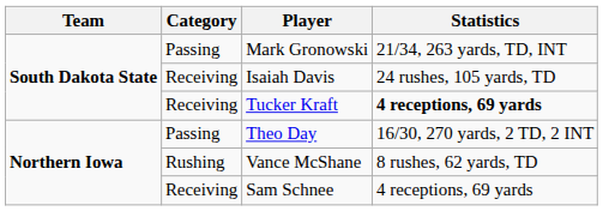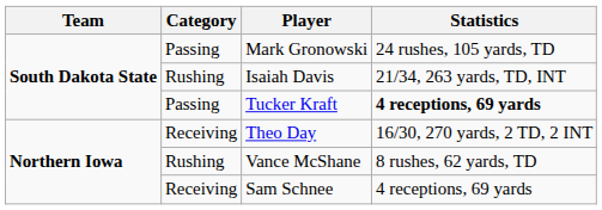 <table class="wikitable" style="float: left;">
 <tr>
 <th>Team</th>
 <th>Category</th>
 <th>Player</th>
 <th>Statistics</th>
 </tr>
 <tr>
 <td rowspan=3><strong>South Dakota State</strong></td>
 <td>Passing</td>
 <td>Mark Gronowski</td>
+<td>24 rushes, 105 yards, TD</td>
+</tr>
+<tr>
+<td>Rushing</td>
+<td>Isaiah Davis</td>
 <td>21/34, 263 yards, TD, INT</td>
 </tr>
 <tr>
-<td>Receiving</td>
-<td>Isaiah Davis</td>
-<td>24 rushes, 105 yards, TD</td>
-</tr>
-<tr>
-<td>Receiving</td>
+<td>Passing</td>
 <td><a href='#'>Tucker Kraft</a></td>
 <td><strong>4 receptions, 69 yards</strong></td>
 </tr>
 <tr>
 <td rowspan=3><strong>Northern Iowa</strong></td>
-<td>Passing</td>
+<td>Receiving</td>
 <td><a href='#'>Theo Day</a></td>
 <td>16/30, 270 yards, 2 TD, 2 INT</td>
 </tr>
 <tr>
 <td>Rushing</td>
 <td>Vance McShane</td>
 <td>8 rushes, 62 yards, TD</td>
 </tr>
 <tr>
 <td>Receiving</td>
 <td>Sam Schnee</td>
 <td>4 receptions, 69 yards</td>
 </tr>
 </table>
